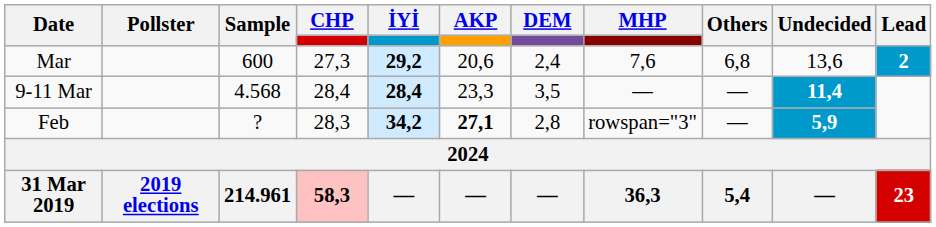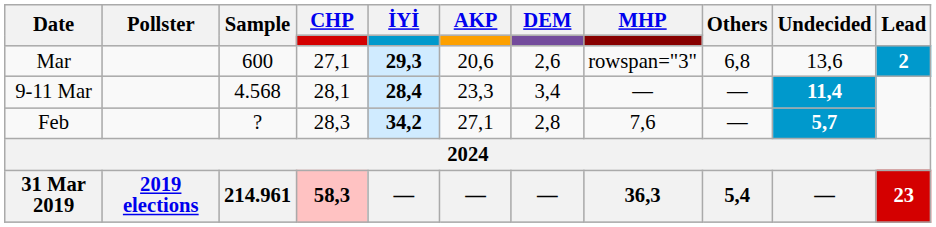 <table class="wikitable mw-collapsible" style="text-align:center; font-size:85%; line-height:14px;">
 <tr>
 <th rowspan="2">Date</th>
 <th rowspan="2">Pollster</th>
 <th rowspan="2">Sample</th>
 <th style="width:3em;"><a href='#'>CHP</a></th>
 <th style="width:3em;"><a href='#'>İYİ</a></th>
 <th style="width:3em;"><a href='#'>AKP</a></th>
 <th style="width:3em;"><a href='#'>DEM</a></th>
 <th style="width:3em;"><a href='#'>MHP</a></th>
 <th rowspan="2">Others</th>
 <th rowspan="2">Undecided</th>
 <th rowspan="2">Lead</th>
 </tr>
 <tr>
 <th style="background:#d40000;"></th>
 <th style="background:#0099cc;"></th>
 <th style="background:#fda000;"></th>
 <th style="background:#734B9C;"></th>
 <th style="background:#870000;"></th>
 </tr>
 <tr>
 <td>Mar</td>
 <td></td>
 <td>600</td>
-<td>27,3</td>
-<td style="background:#D0EBFF"><strong>29,2</strong></td>
+<td>27,1</td>
+<td style="background:#D0EBFF"><strong>29,3</strong></td>
 <td>20,6</td>
-<td>2,4</td>
-<td>7,6</td>
+<td>2,6</td>
+<td>rowspan="3" </td>
 <td>6,8</td>
 <td>13,6</td>
 <th style="background:#0099cc; color:white;">2</th>
 </tr>
 <tr>
 <td>9-11 Mar</td>
 <td></td>
 <td>4.568</td>
-<td>28,4</td>
+<td>28,1</td>
 <td style="background:#D0EBFF"><strong>28,4</strong></td>
 <td>23,3</td>
-<td>3,5</td>
+<td>3,4</td>
 <td>—</td>
 <td>—</td>
 <th style="background:#0099cc; color:white;">11,4</th>
 </tr>
 <tr>
 <td>Feb</td>
 <td></td>
 <td>?</td>
 <td>28,3</td>
 <td style="background:#D0EBFF"><strong>34,2</strong></td>
-<td><strong>27,1</strong></td>
+<td>27,1</td>
 <td>2,8</td>
-<td>rowspan="3" </td>
+<td>7,6</td>
 <td>—</td>
-<th style="background:#0099cc; color:white;">5,9</th>
+<th style="background:#0099cc; color:white;">5,7</th>
 </tr>
 <tr>
 <th colspan="11">2024</th>
 </tr>
 <tr>
 <th>31 Mar 2019</th>
 <th><a href='#'>2019 elections</a></th>
 <th>214.961</th>
 <th style="background:#FFC2C2">58,3</th>
 <th>—</th>
 <th>—</th>
 <th>—</th>
 <th>36,3</th>
 <th>5,4</th>
 <th>—</th>
 <th style="background:#d40000; color:white;">23</th>
 </tr>
 </table>
